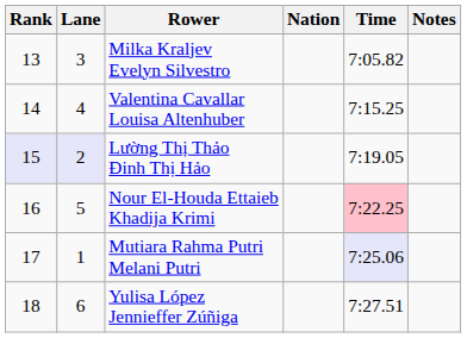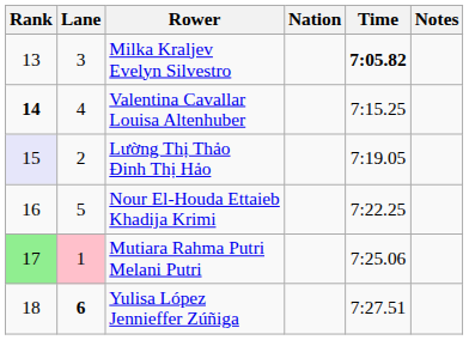 <table class="wikitable sortable" style="text-align:center">
 <tr>
 <th>Rank</th>
 <th>Lane</th>
 <th>Rower</th>
 <th>Nation</th>
 <th>Time</th>
 <th>Notes</th>
 </tr>
 <tr>
 </tr>
 <tr>
 <td>13</td>
 <td>3</td>
 <td align="left"><a href='#'>Milka Kraljev</a><br><a href='#'>Evelyn Silvestro</a></td>
 <td align="left"></td>
-<td>7:05.82</td>
+<td><strong>7:05.82</strong></td>
 <td></td>
 </tr>
 <tr>
-<td>14</td>
+<td><strong>14</strong></td>
 <td>4</td>
 <td align="left"><a href='#'>Valentina Cavallar</a><br><a href='#'>Louisa Altenhuber</a></td>
 <td align="left"></td>
 <td>7:15.25</td>
 <td></td>
 </tr>
 <tr>
 <td style="background: lavender;">15</td>
-<td style="background: lavender;">2</td>
+<td>2</td>
 <td align="left"><a href='#'>Lường Thị Thảo</a><br><a href='#'>Đinh Thị Hảo</a></td>
 <td align="left"></td>
 <td>7:19.05</td>
 <td></td>
 </tr>
 <tr>
 <td>16</td>
 <td>5</td>
 <td align="left"><a href='#'>Nour El-Houda Ettaieb</a><br><a href='#'>Khadija Krimi</a></td>
 <td align="left"></td>
-<td style="background: pink;">7:22.25</td>
+<td>7:22.25</td>
 <td></td>
 </tr>
 <tr>
-<td>17</td>
-<td>1</td>
+<td style="background: lightgreen;">17</td>
+<td style="background: pink;">1</td>
 <td align=left><a href='#'>Mutiara Rahma Putri</a><br><a href='#'>Melani Putri</a></td>
 <td align=left></td>
-<td style="background: lavender;">7:25.06</td>
+<td>7:25.06</td>
 <td></td>
 </tr>
 <tr>
 <td>18</td>
-<td>6</td>
+<td><strong>6</strong></td>
 <td align="left"><a href='#'>Yulisa López</a><br><a href='#'>Jennieffer Zúñiga</a></td>
 <td align="left"></td>
 <td>7:27.51</td>
 <td></td>
 </tr>
 </table>
